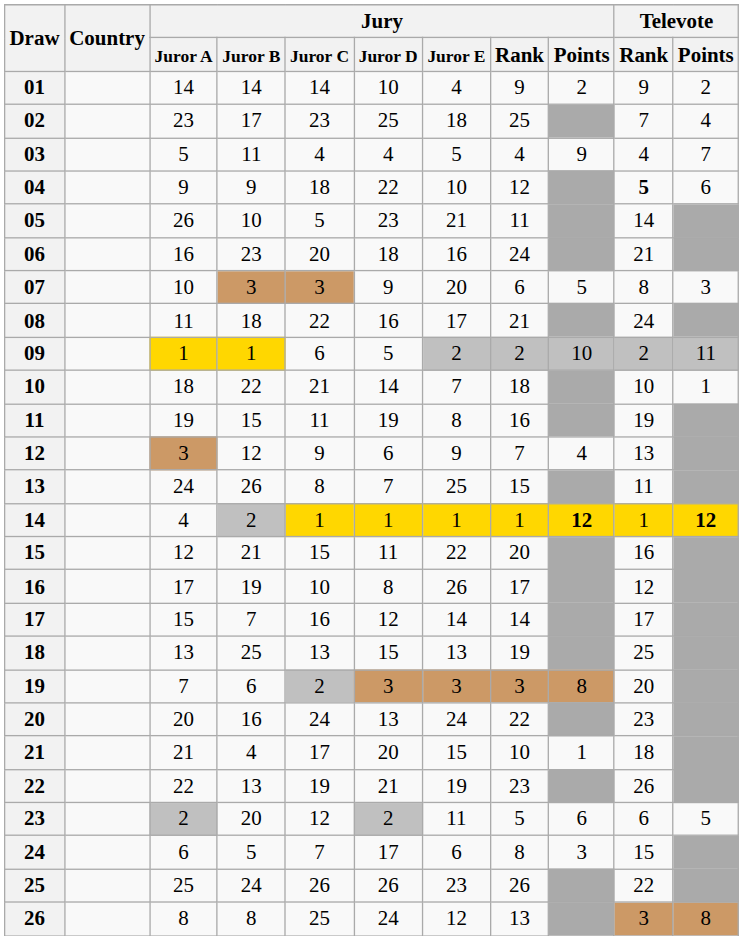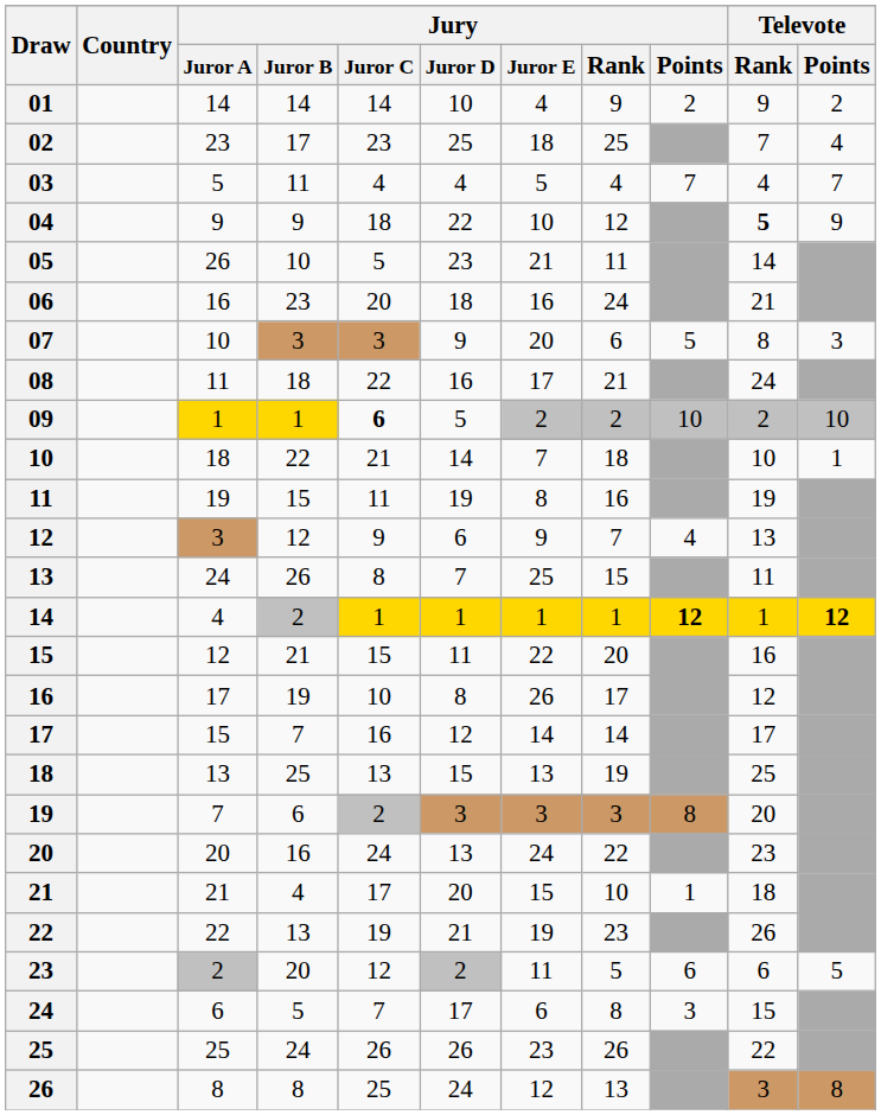 <table class="sortable wikitable collapsible plainrowheaders" style="text-align:center;">
 <tr>
 </tr>
 <tr>
 <th scope="col" rowspan="2">Draw</th>
 <th scope="col" rowspan="2">Country</th>
 <th scope="col" colspan="7">Jury</th>
 <th scope="col" colspan="2">Televote</th>
 </tr>
 <tr>
 <th scope="col"><small>Juror A</small></th>
 <th scope="col"><small>Juror B</small></th>
 <th scope="col"><small>Juror C</small></th>
 <th scope="col"><small>Juror D</small></th>
 <th scope="col"><small>Juror E</small></th>
 <th scope="col">Rank</th>
 <th scope="col" class="unsortable">Points</th>
 <th scope="col">Rank</th>
 <th scope="col" class="unsortable">Points</th>
 </tr>
 <tr>
 <th scope="row" style="text-align:center;">01</th>
 <td style="text-align:left;"></td>
 <td>14</td>
 <td>14</td>
 <td>14</td>
 <td>10</td>
 <td>4</td>
 <td>9</td>
 <td>2</td>
 <td>9</td>
 <td>2</td>
 </tr>
 <tr>
 <th scope="row" style="text-align:center;">02</th>
 <td style="text-align:left;"></td>
 <td>23</td>
 <td>17</td>
 <td>23</td>
 <td>25</td>
 <td>18</td>
 <td>25</td>
 <td style="background:#AAAAAA;"></td>
 <td>7</td>
 <td>4</td>
 </tr>
 <tr>
 <th scope="row" style="text-align:center;">03</th>
 <td style="text-align:left;"></td>
 <td>5</td>
 <td>11</td>
 <td>4</td>
 <td>4</td>
 <td>5</td>
 <td>4</td>
-<td>9</td>
+<td>7</td>
 <td>4</td>
 <td>7</td>
 </tr>
 <tr>
 <th scope="row" style="text-align:center;">04</th>
 <td style="text-align:left;"></td>
 <td>9</td>
 <td>9</td>
 <td>18</td>
 <td>22</td>
 <td>10</td>
 <td>12</td>
 <td style="background:#AAAAAA;"></td>
 <td><strong>5</strong></td>
-<td>6</td>
+<td>9</td>
 </tr>
 <tr>
 <th scope="row" style="text-align:center;">05</th>
 <td style="text-align:left;"></td>
 <td>26</td>
 <td>10</td>
 <td>5</td>
 <td>23</td>
 <td>21</td>
 <td>11</td>
 <td style="background:#AAAAAA;"></td>
 <td>14</td>
 <td style="background:#AAAAAA;"></td>
 </tr>
 <tr>
 <th scope="row" style="text-align:center;">06</th>
 <td style="text-align:left;"></td>
 <td>16</td>
 <td>23</td>
 <td>20</td>
 <td>18</td>
 <td>16</td>
 <td>24</td>
 <td style="background:#AAAAAA;"></td>
 <td>21</td>
 <td style="background:#AAAAAA;"></td>
 </tr>
 <tr>
 <th scope="row" style="text-align:center;">07</th>
 <td style="text-align:left;"></td>
 <td>10</td>
 <td style="background:#CC9966;">3</td>
 <td style="background:#CC9966;">3</td>
 <td>9</td>
 <td>20</td>
 <td>6</td>
 <td>5</td>
 <td>8</td>
 <td>3</td>
 </tr>
 <tr>
 <th scope="row" style="text-align:center;">08</th>
 <td style="text-align:left;"></td>
 <td>11</td>
 <td>18</td>
 <td>22</td>
 <td>16</td>
 <td>17</td>
 <td>21</td>
 <td style="background:#AAAAAA;"></td>
 <td>24</td>
 <td style="background:#AAAAAA;"></td>
 </tr>
 <tr>
 <th scope="row" style="text-align:center;">09</th>
 <td style="text-align:left;"></td>
 <td style="background:gold;">1</td>
 <td style="background:gold;">1</td>
-<td>6</td>
+<td><strong>6</strong></td>
 <td>5</td>
 <td style="background:silver;">2</td>
 <td style="background:silver;">2</td>
 <td style="background:silver;">10</td>
 <td style="background:silver;">2</td>
-<td style="background:silver;">11</td>
+<td style="background:silver;">10</td>
 </tr>
 <tr>
 <th scope="row" style="text-align:center;">10</th>
 <td style="text-align:left;"></td>
 <td>18</td>
 <td>22</td>
 <td>21</td>
 <td>14</td>
 <td>7</td>
 <td>18</td>
 <td style="background:#AAAAAA;"></td>
 <td>10</td>
 <td>1</td>
 </tr>
 <tr>
 <th scope="row" style="text-align:center;">11</th>
 <td style="text-align:left;"></td>
 <td>19</td>
 <td>15</td>
 <td>11</td>
 <td>19</td>
 <td>8</td>
 <td>16</td>
 <td style="background:#AAAAAA;"></td>
 <td>19</td>
 <td style="background:#AAAAAA;"></td>
 </tr>
 <tr>
 <th scope="row" style="text-align:center;">12</th>
 <td style="text-align:left;"></td>
 <td style="background:#CC9966;">3</td>
 <td>12</td>
 <td>9</td>
 <td>6</td>
 <td>9</td>
 <td>7</td>
 <td>4</td>
 <td>13</td>
 <td style="background:#AAAAAA;"></td>
 </tr>
 <tr>
 <th scope="row" style="text-align:center;">13</th>
 <td style="text-align:left;"></td>
 <td>24</td>
 <td>26</td>
 <td>8</td>
 <td>7</td>
 <td>25</td>
 <td>15</td>
 <td style="background:#AAAAAA;"></td>
 <td>11</td>
 <td style="background:#AAAAAA;"></td>
 </tr>
 <tr>
 <th scope="row" style="text-align:center;">14</th>
 <td style="text-align:left;"></td>
 <td>4</td>
 <td style="background:silver;">2</td>
 <td style="background:gold;">1</td>
 <td style="background:gold;">1</td>
 <td style="background:gold;">1</td>
 <td style="background:gold;">1</td>
 <td style="background:gold;"><strong>12</strong></td>
 <td style="background:gold;">1</td>
 <td style="background:gold;"><strong>12</strong></td>
 </tr>
 <tr>
 <th scope="row" style="text-align:center;">15</th>
 <td style="text-align:left;"></td>
 <td>12</td>
 <td>21</td>
 <td>15</td>
 <td>11</td>
 <td>22</td>
 <td>20</td>
 <td style="background:#AAAAAA;"></td>
 <td>16</td>
 <td style="background:#AAAAAA;"></td>
 </tr>
 <tr>
 <th scope="row" style="text-align:center;">16</th>
 <td style="text-align:left;"></td>
 <td>17</td>
 <td>19</td>
 <td>10</td>
 <td>8</td>
 <td>26</td>
 <td>17</td>
 <td style="background:#AAAAAA;"></td>
 <td>12</td>
 <td style="background:#AAAAAA;"></td>
 </tr>
 <tr>
 <th scope="row" style="text-align:center;">17</th>
 <td style="text-align:left;"></td>
 <td>15</td>
 <td>7</td>
 <td>16</td>
 <td>12</td>
 <td>14</td>
 <td>14</td>
 <td style="background:#AAAAAA;"></td>
 <td>17</td>
 <td style="background:#AAAAAA;"></td>
 </tr>
 <tr>
 <th scope="row" style="text-align:center;">18</th>
 <td style="text-align:left;"></td>
 <td>13</td>
 <td>25</td>
 <td>13</td>
 <td>15</td>
 <td>13</td>
 <td>19</td>
 <td style="background:#AAAAAA;"></td>
 <td>25</td>
 <td style="background:#AAAAAA;"></td>
 </tr>
 <tr>
 <th scope="row" style="text-align:center;">19</th>
 <td style="text-align:left;"></td>
 <td>7</td>
 <td>6</td>
 <td style="background:silver;">2</td>
 <td style="background:#CC9966;">3</td>
 <td style="background:#CC9966;">3</td>
 <td style="background:#CC9966;">3</td>
 <td style="background:#CC9966;">8</td>
 <td>20</td>
 <td style="background:#AAAAAA;"></td>
 </tr>
 <tr>
 <th scope="row" style="text-align:center;">20</th>
 <td style="text-align:left;"></td>
 <td>20</td>
 <td>16</td>
 <td>24</td>
 <td>13</td>
 <td>24</td>
 <td>22</td>
 <td style="background:#AAAAAA;"></td>
 <td>23</td>
 <td style="background:#AAAAAA;"></td>
 </tr>
 <tr>
 <th scope="row" style="text-align:center;">21</th>
 <td style="text-align:left;"></td>
 <td>21</td>
 <td>4</td>
 <td>17</td>
 <td>20</td>
 <td>15</td>
 <td>10</td>
 <td>1</td>
 <td>18</td>
 <td style="background:#AAAAAA;"></td>
 </tr>
 <tr>
 <th scope="row" style="text-align:center;">22</th>
 <td style="text-align:left;"></td>
 <td>22</td>
 <td>13</td>
 <td>19</td>
 <td>21</td>
 <td>19</td>
 <td>23</td>
 <td style="background:#AAAAAA;"></td>
 <td>26</td>
 <td style="background:#AAAAAA;"></td>
 </tr>
 <tr>
 <th scope="row" style="text-align:center;">23</th>
 <td style="text-align:left;"></td>
 <td style="background:silver;">2</td>
 <td>20</td>
 <td>12</td>
 <td style="background:silver;">2</td>
 <td>11</td>
 <td>5</td>
 <td>6</td>
 <td>6</td>
 <td>5</td>
 </tr>
 <tr>
 <th scope="row" style="text-align:center;">24</th>
 <td style="text-align:left;"></td>
 <td>6</td>
 <td>5</td>
 <td>7</td>
 <td>17</td>
 <td>6</td>
 <td>8</td>
 <td>3</td>
 <td>15</td>
 <td style="background:#AAAAAA;"></td>
 </tr>
 <tr>
 <th scope="row" style="text-align:center;">25</th>
 <td style="text-align:left;"></td>
 <td>25</td>
 <td>24</td>
 <td>26</td>
 <td>26</td>
 <td>23</td>
 <td>26</td>
 <td style="background:#AAAAAA;"></td>
 <td>22</td>
 <td style="background:#AAAAAA;"></td>
 </tr>
 <tr>
 <th scope="row" style="text-align:center;">26</th>
 <td style="text-align:left;"></td>
 <td>8</td>
 <td>8</td>
 <td>25</td>
 <td>24</td>
 <td>12</td>
 <td>13</td>
 <td style="background:#AAAAAA;"></td>
 <td style="background:#CC9966;">3</td>
 <td style="background:#CC9966;">8</td>
 </tr>
 </table>
